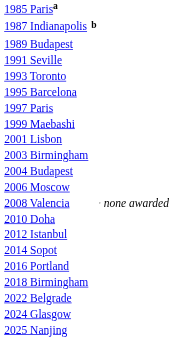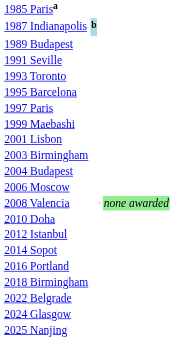 <table>
 <tr>
 <td><a href='#'>1985 Paris</a><sup><strong>a</strong></sup><br></td>
 <td></td>
 <td></td>
 <td></td>
 </tr>
 <tr>
 <td><a href='#'>1987 Indianapolis</a><br></td>
-<td> <sup><strong>b</strong></sup></td>
+<td style="background: lightblue;"> <sup><strong>b</strong></sup></td>
 <td></td>
 <td></td>
 </tr>
 <tr>
 <td><a href='#'>1989 Budapest</a><br></td>
 <td></td>
 <td></td>
 <td></td>
 </tr>
 <tr>
 <td><a href='#'>1991 Seville</a><br></td>
 <td></td>
 <td></td>
 <td></td>
 </tr>
 <tr>
 <td><a href='#'>1993 Toronto</a><br></td>
 <td></td>
 <td></td>
 <td></td>
 </tr>
 <tr>
 <td><a href='#'>1995 Barcelona</a><br></td>
 <td></td>
 <td></td>
 <td></td>
 </tr>
 <tr>
 <td><a href='#'>1997 Paris</a><br></td>
 <td></td>
 <td></td>
 <td></td>
 </tr>
 <tr>
 <td><a href='#'>1999 Maebashi</a><br></td>
 <td></td>
 <td></td>
 <td></td>
 </tr>
 <tr>
 <td><a href='#'>2001 Lisbon</a><br></td>
 <td></td>
 <td></td>
 <td></td>
 </tr>
 <tr>
 <td><a href='#'>2003 Birmingham</a><br></td>
 <td></td>
 <td></td>
 <td></td>
 </tr>
 <tr>
 <td><a href='#'>2004 Budapest</a><br></td>
 <td></td>
 <td></td>
 <td></td>
 </tr>
 <tr>
 <td><a href='#'>2006 Moscow</a><br></td>
 <td></td>
 <td></td>
 <td></td>
 </tr>
 <tr>
 <td><a href='#'>2008 Valencia</a><br></td>
 <td></td>
 <td><hr></td>
-<td><em>none awarded</em></td>
+<td style="background: lightgreen;"><em>none awarded</em></td>
 </tr>
 <tr>
 <td><a href='#'>2010 Doha</a><br></td>
 <td></td>
 <td></td>
 <td></td>
 </tr>
 <tr>
 <td><a href='#'>2012 Istanbul</a><br></td>
 <td></td>
 <td></td>
 <td></td>
 </tr>
 <tr>
 <td><a href='#'>2014 Sopot</a><br></td>
 <td></td>
 <td></td>
 <td></td>
 </tr>
 <tr>
 <td><a href='#'>2016 Portland</a><br></td>
 <td></td>
 <td></td>
 <td></td>
 </tr>
 <tr>
 <td><a href='#'>2018 Birmingham</a><br></td>
 <td></td>
 <td></td>
 <td></td>
 </tr>
 <tr>
 <td><a href='#'>2022 Belgrade</a><br></td>
 <td></td>
 <td></td>
 <td></td>
 </tr>
 <tr>
 <td><a href='#'>2024 Glasgow</a><br></td>
 <td></td>
 <td></td>
 <td></td>
 </tr>
 <tr>
 <td><a href='#'>2025 Nanjing</a><br></td>
 <td></td>
 <td></td>
 <td></td>
 </tr>
 </table>
